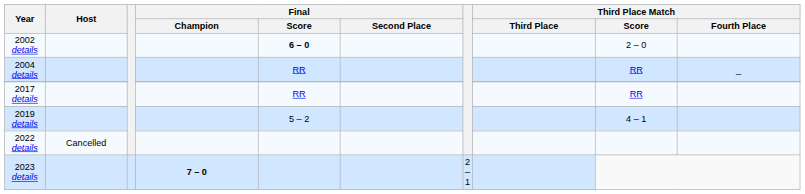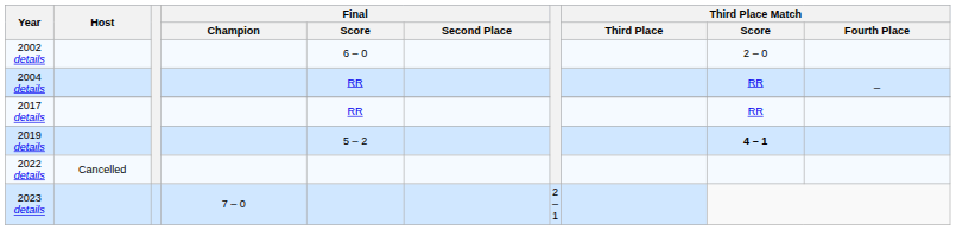 <table class="wikitable" border=1 style="border-collapse:collapse; font-size:90%; text-align:center" cellpadding=3 cellspacing=0 width=100%>
 <tr bgcolor=#C1D8FF>
 <th rowspan=2 width=5%>Year</th>
 <th rowspan=2 width=10%>Host</th>
 <th width=1% rowspan=8 bgcolor=ffffff></th>
 <th colspan=3>Final</th>
 <th width=1% rowspan=8 bgcolor=ffffff></th>
 <th colspan=3>Third Place Match</th>
 </tr>
 <tr bgcolor=#EFEFEF>
 <th width=15%>Champion</th>
 <th width=10%>Score</th>
 <th width=15%>Second Place</th>
 <th width=15%>Third Place</th>
 <th width=10%>Score</th>
 <th width=15%>Fourth Place</th>
 </tr>
 <tr bgcolor=#F5FAFF>
 <td>2002 <br> <em><a href='#'>details</a></em></td>
 <td></td>
 <td><strong></strong></td>
-<td><strong>6 – 0</strong></td>
+<td>6 – 0</td>
 <td></td>
 <td></td>
 <td>2 – 0</td>
 <td></td>
 </tr>
 <tr bgcolor=#D0E7FF>
 <td>2004 <br> <em><a href='#'>details</a></em></td>
 <td></td>
 <td><strong></strong></td>
 <td><a href='#'>RR</a></td>
 <td></td>
 <td></td>
 <td><a href='#'>RR</a></td>
 <td>_</td>
 </tr>
 <tr>
 </tr>
 <tr bgcolor=#F5FAFF>
 <td>2017 <br> <em><a href='#'>details</a></em></td>
 <td></td>
 <td><strong></strong></td>
 <td><a href='#'>RR</a></td>
 <td></td>
 <td></td>
 <td><a href='#'>RR</a></td>
 <td></td>
 </tr>
 <tr bgcolor=#D0E7FF>
 <td>2019 <br> <em><a href='#'>details</a></em></td>
 <td></td>
 <td><strong></strong></td>
 <td>5 – 2</td>
 <td></td>
 <td></td>
-<td>4 – 1</td>
+<td><strong>4 – 1</strong></td>
 <td></td>
 </tr>
 <tr bgcolor=#F5FAFF>
 <td>2022 <br> <em><a href='#'>details</a></em></td>
 <td>Cancelled</td>
 <td></td>
 <td></td>
 <td></td>
 <td></td>
 <td></td>
 <td></td>
 </tr>
 <tr bgcolor=#D0E7FF>
 <td>2023 <br> <em><a href='#'>details</a></em></td>
 <td></td>
 <td><strong></strong></td>
-<td><strong>7 – 0</strong></td>
+<td>7 – 0</td>
 <td></td>
 <td></td>
 <td>2 – 1</td>
 <td></td>
 </tr>
 </table>
